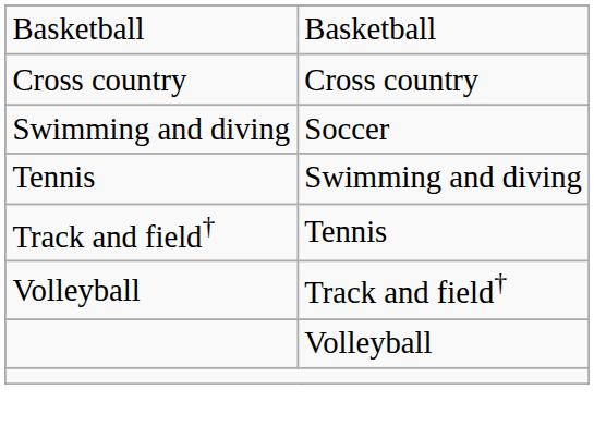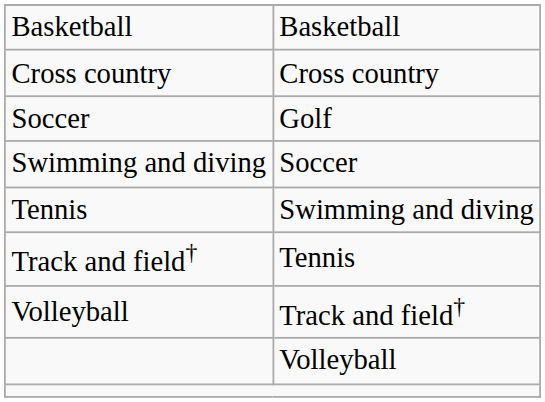 <table class="wikitable" style=" ">
 <tr>
 </tr>
 <tr>
 <td>Basketball</td>
 <td>Basketball</td>
 </tr>
 <tr>
 <td>Cross country</td>
 <td>Cross country</td>
+</tr>
+<tr>
+<td>Soccer</td>
+<td>Golf</td>
 </tr>
 <tr>
 <td>Swimming and diving</td>
 <td>Soccer</td>
 </tr>
 <tr>
 <td>Tennis</td>
 <td>Swimming and diving</td>
 </tr>
 <tr>
 <td>Track and field<sup>†</sup></td>
 <td>Tennis</td>
 </tr>
 <tr>
 <td>Volleyball</td>
 <td>Track and field<sup>†</sup></td>
 </tr>
 <tr>
 <td></td>
 <td>Volleyball</td>
 </tr>
 <tr>
 <td colspan="2"></td>
 </tr>
 </table>
